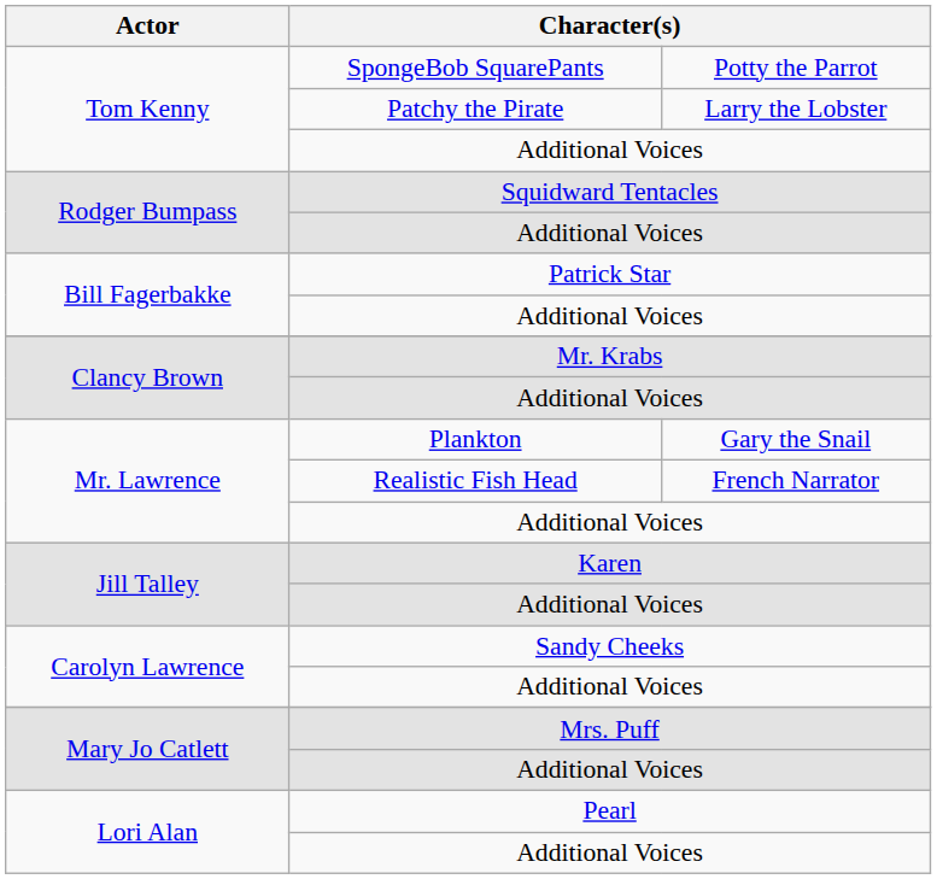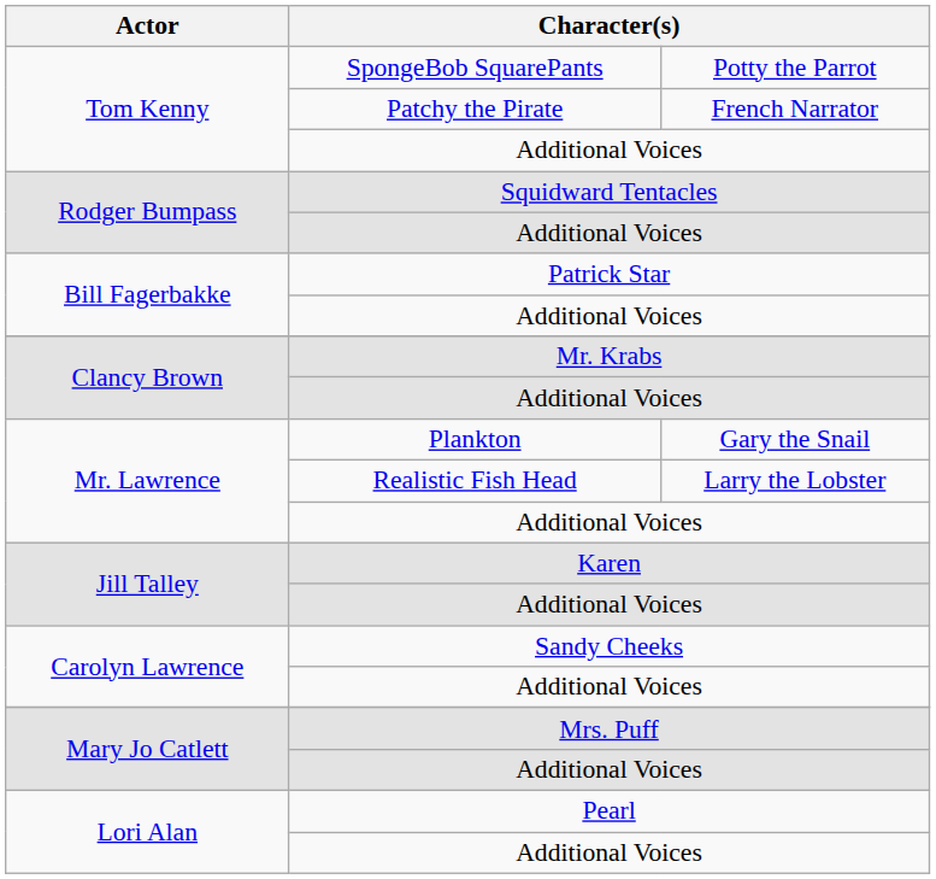 <table class="wikitable" style="text-align:center" width="45%">
 <tr>
 <th>Actor</th>
 <th colspan=2>Character(s)</th>
 </tr>
 <tr>
 <td rowspan="3"><a href='#'>Tom Kenny</a></td>
 <td><a href='#'>SpongeBob SquarePants</a></td>
 <td><a href='#'>Potty the Parrot</a></td>
 </tr>
 <tr>
 <td><a href='#'>Patchy the Pirate</a></td>
-<td><a href='#'>Larry the Lobster</a></td>
+<td><a href='#'>French Narrator</a></td>
 </tr>
 <tr>
 <td colspan="2">Additional Voices</td>
 </tr>
 <tr style="background-color:#e3e3e3;">
 <td rowspan="2"><a href='#'>Rodger Bumpass</a></td>
 <td colspan="2"><a href='#'>Squidward Tentacles</a></td>
 </tr>
 <tr style="background-color:#e3e3e3;">
 <td colspan="2">Additional Voices</td>
 </tr>
 <tr>
 <td rowspan="2"><a href='#'>Bill Fagerbakke</a></td>
 <td colspan="2"><a href='#'>Patrick Star</a></td>
 </tr>
 <tr>
 <td colspan="2">Additional Voices</td>
 </tr>
 <tr>
 </tr>
 <tr style="background-color:#e3e3e3;">
 <td rowspan="2"><a href='#'>Clancy Brown</a></td>
 <td colspan="2"><a href='#'>Mr. Krabs</a></td>
 </tr>
 <tr style="background-color:#e3e3e3;">
 <td colspan="2">Additional Voices</td>
 </tr>
 <tr>
 <td rowspan="3"><a href='#'>Mr. Lawrence</a></td>
 <td><a href='#'>Plankton</a></td>
 <td><a href='#'>Gary the Snail</a></td>
 </tr>
 <tr>
 <td><a href='#'>Realistic Fish Head</a></td>
-<td><a href='#'>French Narrator</a></td>
+<td><a href='#'>Larry the Lobster</a></td>
 </tr>
 <tr>
 <td colspan="2">Additional Voices</td>
 </tr>
 <tr style="background-color:#e3e3e3;”">
 <td rowspan="2"><a href='#'>Jill Talley</a></td>
 <td colspan="2"><a href='#'>Karen</a></td>
 </tr>
 <tr style="background-color:#e3e3e3;”">
 <td colspan="2">Additional Voices</td>
 </tr>
 <tr>
 <td rowspan="2"><a href='#'>Carolyn Lawrence</a></td>
 <td colspan="2"><a href='#'>Sandy Cheeks</a></td>
 </tr>
 <tr>
 <td colspan="2">Additional Voices</td>
 </tr>
 <tr>
 </tr>
 <tr style="background-color:#e3e3e3;">
 <td rowspan="2"><a href='#'>Mary Jo Catlett</a></td>
 <td colspan="2"><a href='#'>Mrs. Puff</a></td>
 </tr>
 <tr style="background-color:#e3e3e3;">
 <td colspan="2">Additional Voices</td>
 </tr>
 <tr>
 <td rowspan="2"><a href='#'>Lori Alan</a></td>
 <td colspan="2"><a href='#'>Pearl</a></td>
 </tr>
 <tr>
 <td colspan="2">Additional Voices</td>
 </tr>
 </table>
